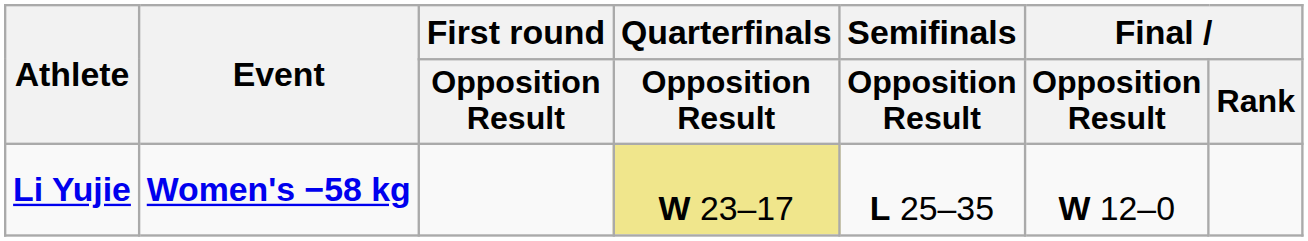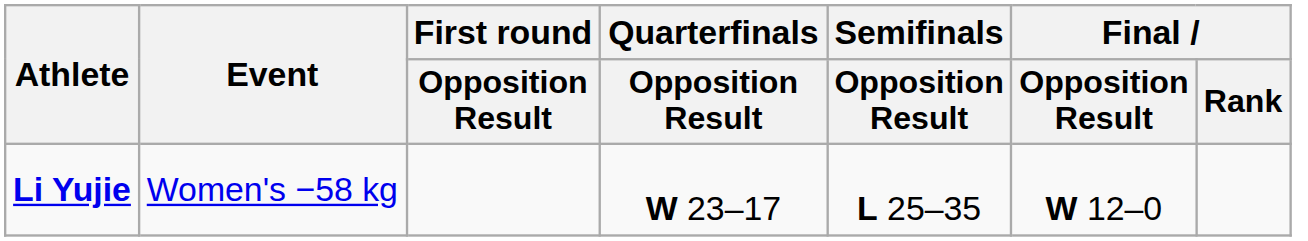 <table class="wikitable" style="font-size:90%;">
 <tr>
 <th rowspan=2>Athlete</th>
 <th rowspan=2>Event</th>
 <th>First round</th>
 <th>Quarterfinals</th>
 <th>Semifinals</th>
 <th colspan=2>Final / </th>
 </tr>
 <tr style="font-size:95%">
 <th>Opposition<br>Result</th>
 <th>Opposition<br>Result</th>
 <th>Opposition<br>Result</th>
 <th>Opposition<br>Result</th>
 <th>Rank</th>
 </tr>
 <tr align=center>
 <td align=left><strong><a href='#'>Li Yujie</a></strong></td>
-<td align=left><strong><a href='#'>Women's −58 kg</a></strong></td>
+<td align=left><a href='#'>Women's −58 kg</a></td>
 <td></td>
-<td style="background: khaki;"><br><strong>W</strong> 23–17</td>
+<td><br><strong>W</strong> 23–17</td>
 <td><br><strong>L</strong> 25–35</td>
 <td><br><strong>W</strong> 12–0</td>
 <td></td>
 </tr>
 </table>
